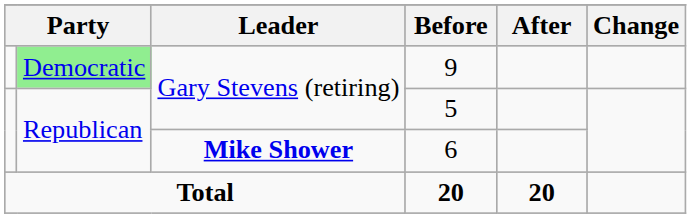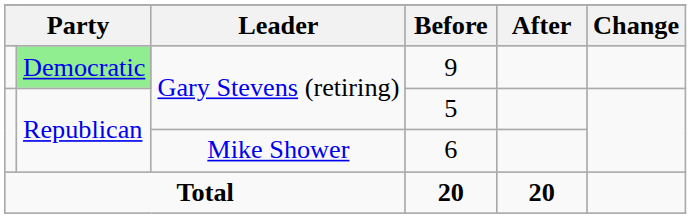 <table class="wikitable" style="text-align:center;">
 <tr>
 </tr>
 <tr>
 <th colspan="2">Party</th>
 <th>Leader</th>
 <th style="width:3em">Before</th>
 <th style="width:3em">After</th>
 <th style="width:3em">Change</th>
 </tr>
 <tr>
 <td style="background-color:"></td>
 <td style="background: lightgreen; text-align:left;"><a href='#'>Democratic</a></td>
 <td rowspan="2"><a href='#'>Gary Stevens</a> (retiring)</td>
 <td>9</td>
 <td></td>
 <td></td>
 </tr>
 <tr>
 <td rowspan="2" style="background-color:"></td>
 <td rowspan="2" style="text-align:left;"><a href='#'>Republican</a></td>
 <td>5</td>
 <td></td>
 <td rowspan="2"></td>
 </tr>
 <tr>
-<td><strong><a href='#'>Mike Shower</a></strong></td>
+<td><a href='#'>Mike Shower</a></td>
 <td>6</td>
 <td></td>
 </tr>
 <tr>
 <td colspan="3"><strong>Total</strong></td>
 <td><strong>20</strong></td>
 <td><strong>20</strong></td>
 <td></td>
 </tr>
 </table>
